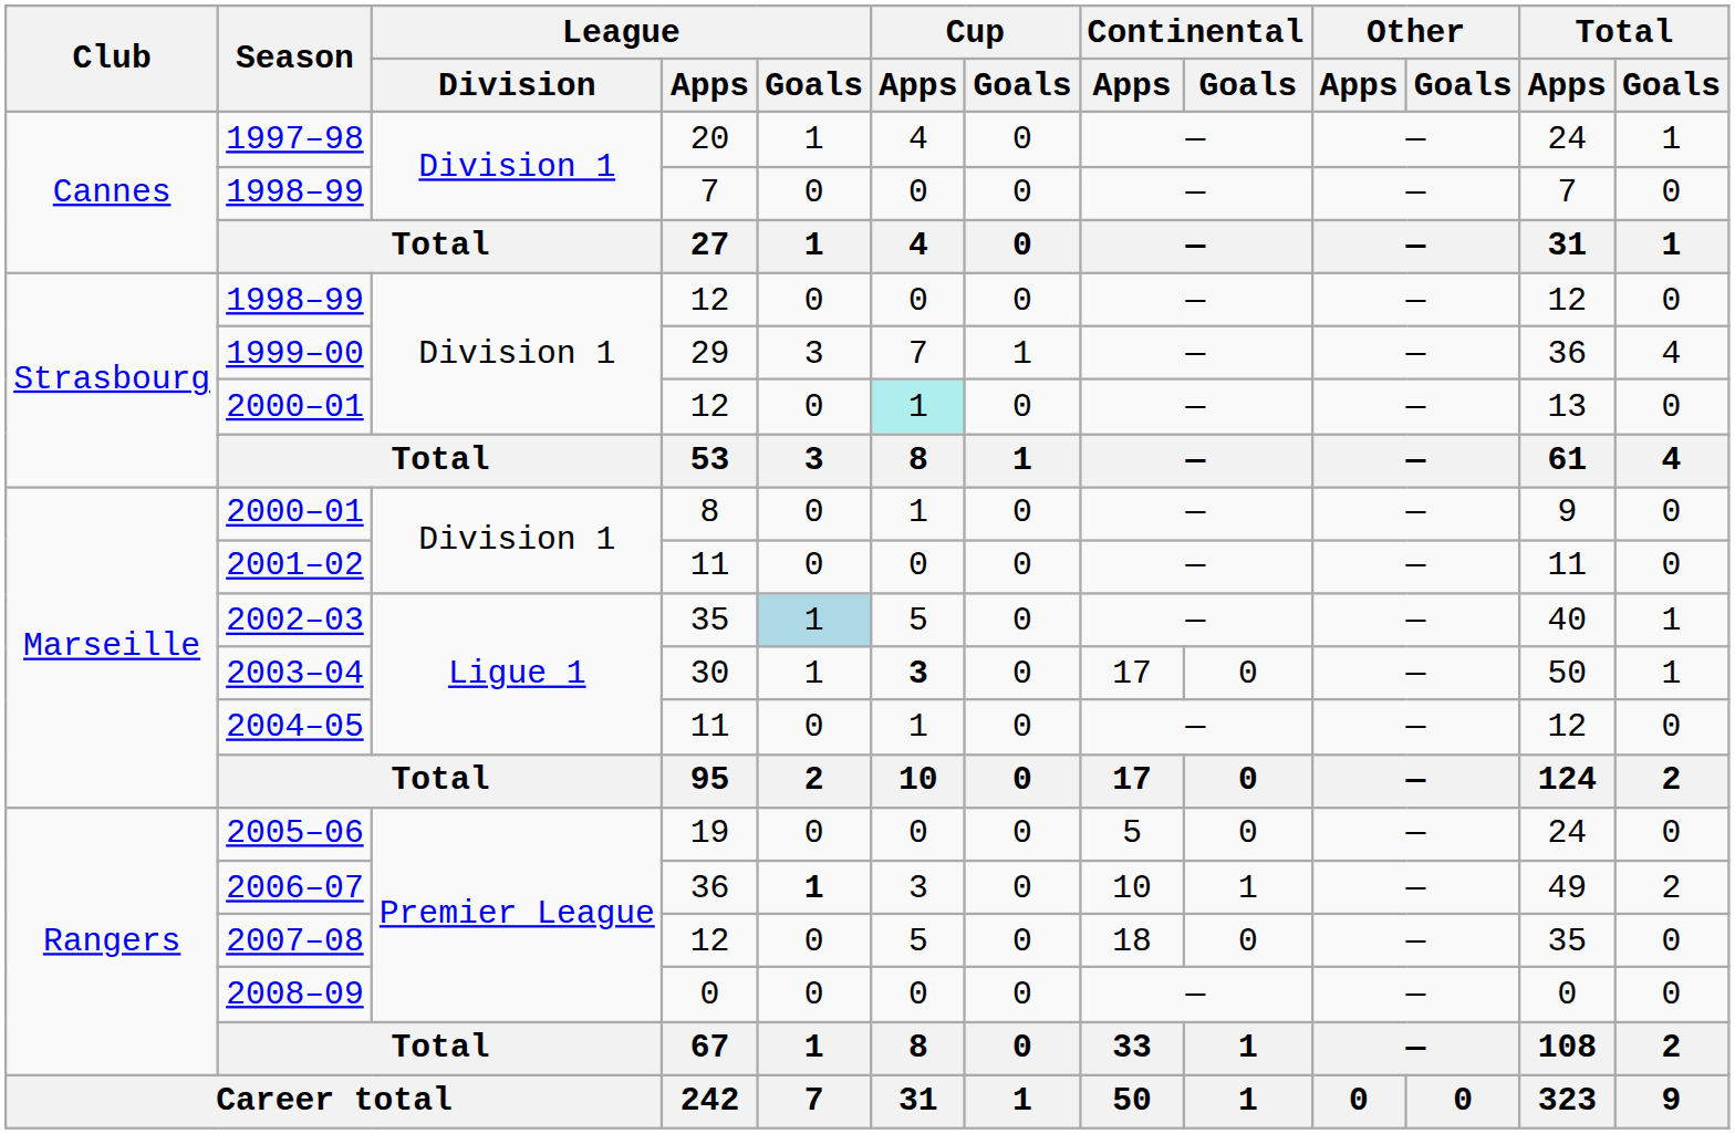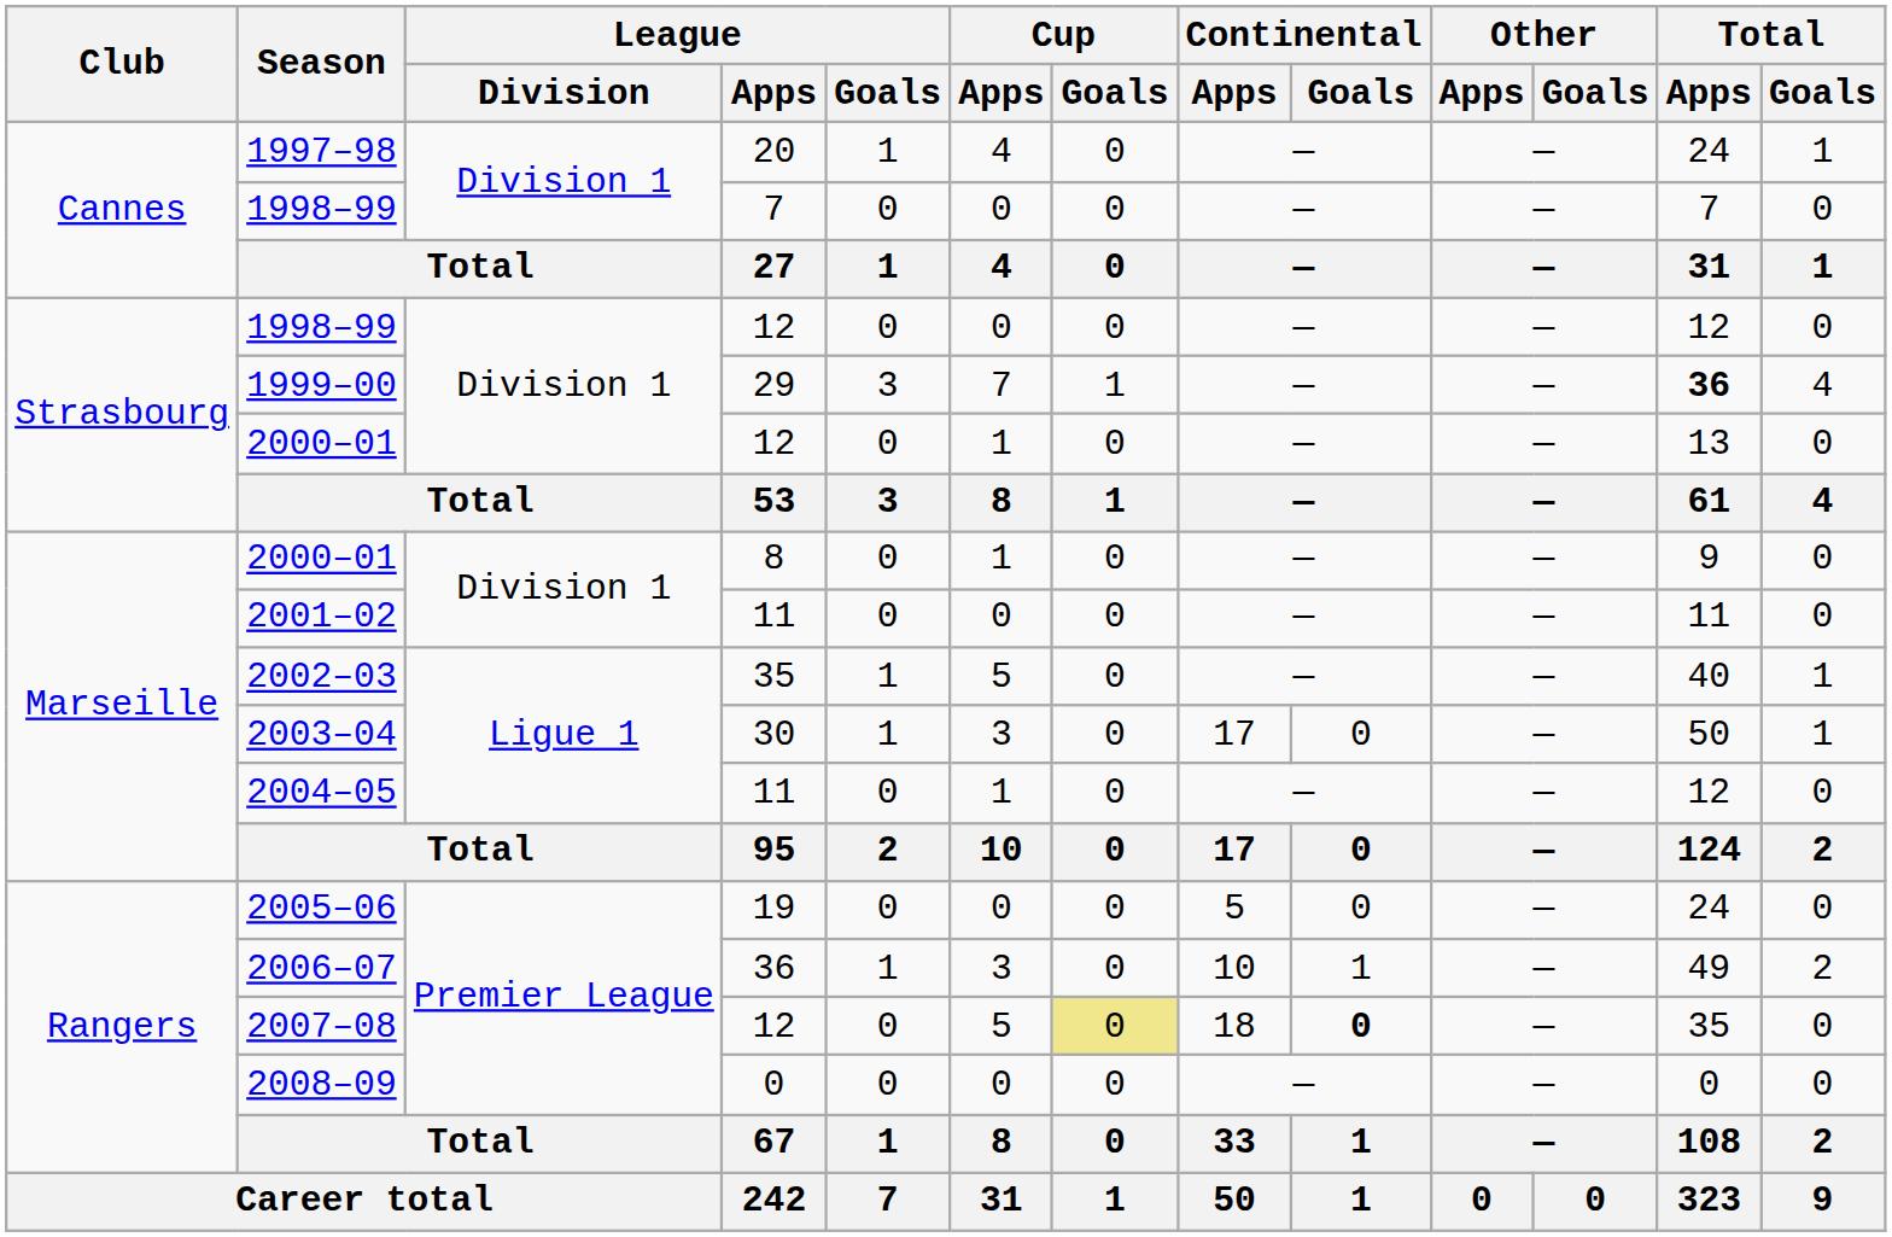 <table class="wikitable" style="text-align:center">
 <tr>
 <th rowspan="2">Club</th>
 <th rowspan="2">Season</th>
 <th colspan="3">League</th>
 <th colspan="2">Cup</th>
 <th colspan="2">Continental</th>
 <th colspan="2">Other</th>
 <th colspan="2">Total</th>
 </tr>
 <tr>
 <th>Division</th>
 <th>Apps</th>
 <th>Goals</th>
 <th>Apps</th>
 <th>Goals</th>
 <th>Apps</th>
 <th>Goals</th>
 <th>Apps</th>
 <th>Goals</th>
 <th>Apps</th>
 <th>Goals</th>
 </tr>
 <tr>
 <td rowspan="3"><a href='#'>Cannes</a></td>
 <td><a href='#'>1997–98</a></td>
 <td rowspan="2"><a href='#'>Division 1</a></td>
 <td>20</td>
 <td>1</td>
 <td>4</td>
 <td>0</td>
 <td colspan=2>—</td>
 <td colspan=2>—</td>
 <td>24</td>
 <td>1</td>
 </tr>
 <tr>
 <td><a href='#'>1998–99</a></td>
 <td>7</td>
 <td>0</td>
 <td>0</td>
 <td>0</td>
 <td colspan=2>—</td>
 <td colspan=2>—</td>
 <td>7</td>
 <td>0</td>
 </tr>
 <tr>
 <th colspan="2">Total</th>
 <th>27</th>
 <th>1</th>
 <th>4</th>
 <th>0</th>
 <th colspan=2>—</th>
 <th colspan=2>—</th>
 <th>31</th>
 <th>1</th>
 </tr>
 <tr>
 <td rowspan="4"><a href='#'>Strasbourg</a></td>
 <td><a href='#'>1998–99</a></td>
 <td rowspan="3">Division 1</td>
 <td>12</td>
 <td>0</td>
 <td>0</td>
 <td>0</td>
 <td colspan=2>—</td>
 <td colspan=2>—</td>
 <td>12</td>
 <td>0</td>
 </tr>
 <tr>
 <td><a href='#'>1999–00</a></td>
 <td>29</td>
 <td>3</td>
 <td>7</td>
 <td>1</td>
 <td colspan=2>—</td>
 <td colspan=2>—</td>
-<td>36</td>
+<td><strong>36</strong></td>
 <td>4</td>
 </tr>
 <tr>
 <td><a href='#'>2000–01</a></td>
 <td>12</td>
 <td>0</td>
-<td style="background: paleturquoise;">1</td>
+<td>1</td>
 <td>0</td>
 <td colspan=2>—</td>
 <td colspan=2>—</td>
 <td>13</td>
 <td>0</td>
 </tr>
 <tr>
 <th colspan="2">Total</th>
 <th>53</th>
 <th>3</th>
 <th>8</th>
 <th>1</th>
 <th colspan=2>—</th>
 <th colspan=2>—</th>
 <th>61</th>
 <th>4</th>
 </tr>
 <tr>
 <td rowspan="6"><a href='#'>Marseille</a></td>
 <td><a href='#'>2000–01</a></td>
 <td rowspan="2">Division 1</td>
 <td>8</td>
 <td>0</td>
 <td>1</td>
 <td>0</td>
 <td colspan=2>—</td>
 <td colspan=2>—</td>
 <td>9</td>
 <td>0</td>
 </tr>
 <tr>
 <td><a href='#'>2001–02</a></td>
 <td>11</td>
 <td>0</td>
 <td>0</td>
 <td>0</td>
 <td colspan=2>—</td>
 <td colspan=2>—</td>
 <td>11</td>
 <td>0</td>
 </tr>
 <tr>
 <td><a href='#'>2002–03</a></td>
 <td rowspan="3"><a href='#'>Ligue 1</a></td>
 <td>35</td>
-<td style="background: lightblue;">1</td>
+<td>1</td>
 <td>5</td>
 <td>0</td>
 <td colspan=2>—</td>
 <td colspan=2>—</td>
 <td>40</td>
 <td>1</td>
 </tr>
 <tr>
 <td><a href='#'>2003–04</a></td>
 <td>30</td>
 <td>1</td>
-<td><strong>3</strong></td>
+<td>3</td>
 <td>0</td>
 <td>17</td>
 <td>0</td>
 <td colspan=2>—</td>
 <td>50</td>
 <td>1</td>
 </tr>
 <tr>
 <td><a href='#'>2004–05</a></td>
 <td>11</td>
 <td>0</td>
 <td>1</td>
 <td>0</td>
 <td colspan=2>—</td>
 <td colspan=2>—</td>
 <td>12</td>
 <td>0</td>
 </tr>
 <tr>
 <th colspan="2">Total</th>
 <th>95</th>
 <th>2</th>
 <th>10</th>
 <th>0</th>
 <th>17</th>
 <th>0</th>
 <th colspan=2>—</th>
 <th>124</th>
 <th>2</th>
 </tr>
 <tr>
 <td rowspan="5"><a href='#'>Rangers</a></td>
 <td><a href='#'>2005–06</a></td>
 <td rowspan=4><a href='#'>Premier League</a></td>
 <td>19</td>
 <td>0</td>
 <td>0</td>
 <td>0</td>
 <td>5</td>
 <td>0</td>
 <td colspan=2>—</td>
 <td>24</td>
 <td>0</td>
 </tr>
 <tr>
 <td><a href='#'>2006–07</a></td>
 <td>36</td>
-<td><strong>1</strong></td>
+<td>1</td>
 <td>3</td>
 <td>0</td>
 <td>10</td>
 <td>1</td>
 <td colspan=2>—</td>
 <td>49</td>
 <td>2</td>
 </tr>
 <tr>
 <td><a href='#'>2007–08</a></td>
 <td>12</td>
 <td>0</td>
 <td>5</td>
-<td>0</td>
+<td style="background: khaki;">0</td>
 <td>18</td>
-<td>0</td>
+<td><strong>0</strong></td>
 <td colspan=2>—</td>
 <td>35</td>
 <td>0</td>
 </tr>
 <tr>
 <td><a href='#'>2008–09</a></td>
 <td>0</td>
 <td>0</td>
 <td>0</td>
 <td>0</td>
 <td colspan=2>—</td>
 <td colspan=2>—</td>
 <td>0</td>
 <td>0</td>
 </tr>
 <tr>
 <th colspan="2">Total</th>
 <th>67</th>
 <th>1</th>
 <th>8</th>
 <th>0</th>
 <th>33</th>
 <th>1</th>
 <th colspan=2>—</th>
 <th>108</th>
 <th>2</th>
 </tr>
 <tr>
 <th colspan="3">Career total</th>
 <th>242</th>
 <th>7</th>
 <th>31</th>
 <th>1</th>
 <th>50</th>
 <th>1</th>
 <th>0</th>
 <th>0</th>
 <th>323</th>
 <th>9</th>
 </tr>
 </table>
